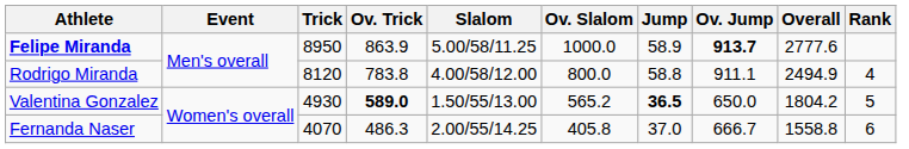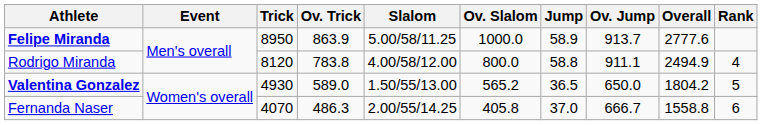 <table class="wikitable" style="font-size:90%">
 <tr>
 <th>Athlete</th>
 <th>Event</th>
 <th>Trick</th>
 <th>Ov. Trick</th>
 <th>Slalom</th>
 <th>Ov. Slalom</th>
 <th>Jump</th>
 <th>Ov. Jump</th>
 <th>Overall</th>
 <th>Rank</th>
 </tr>
 <tr>
 <td><strong><a href='#'>Felipe Miranda</a></strong></td>
 <td rowspan=2><a href='#'>Men's overall</a></td>
 <td align=center>8950</td>
 <td align=center>863.9</td>
 <td align=center>5.00/58/11.25</td>
 <td align=center>1000.0</td>
 <td align=center>58.9</td>
-<td align=center><strong>913.7</strong></td>
+<td align=center>913.7</td>
 <td align=center>2777.6</td>
 <td align=center></td>
 </tr>
 <tr>
 <td><a href='#'>Rodrigo Miranda</a></td>
 <td align=center>8120</td>
 <td align=center>783.8</td>
 <td align=center>4.00/58/12.00</td>
 <td align=center>800.0</td>
 <td align=center>58.8</td>
 <td align=center>911.1</td>
 <td align=center>2494.9</td>
 <td align=center>4</td>
 </tr>
 <tr>
-<td><a href='#'>Valentina Gonzalez</a></td>
+<td><strong><a href='#'>Valentina Gonzalez</a></strong></td>
 <td rowspan=2><a href='#'>Women's overall</a></td>
 <td align=center>4930</td>
-<td align=center><strong>589.0</strong></td>
+<td align=center>589.0</td>
 <td align=center>1.50/55/13.00</td>
 <td align=center>565.2</td>
-<td align=center><strong>36.5</strong></td>
+<td align=center>36.5</td>
 <td align=center>650.0</td>
 <td align=center>1804.2</td>
 <td align=center>5</td>
 </tr>
 <tr>
 <td><a href='#'>Fernanda Naser</a></td>
 <td align=center>4070</td>
 <td align=center>486.3</td>
 <td align=center>2.00/55/14.25</td>
 <td align=center>405.8</td>
 <td align=center>37.0</td>
 <td align=center>666.7</td>
 <td align=center>1558.8</td>
 <td align=center>6</td>
 </tr>
 </table>
